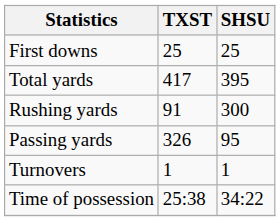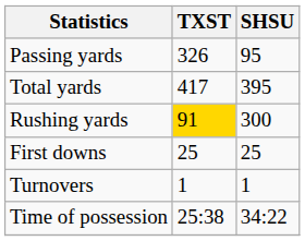 <table class="wikitable" style="float: left;">
 <tr>
 <th>Statistics</th>
 <th>TXST</th>
 <th>SHSU</th>
 </tr>
 <tr>
-<td>First downs</td>
-<td>25</td>
-<td>25</td>
+<td>Passing yards</td>
+<td>326</td>
+<td>95</td>
 </tr>
 <tr>
 <td>Total yards</td>
 <td>417</td>
 <td>395</td>
 </tr>
 <tr>
 <td>Rushing yards</td>
-<td>91</td>
+<td style="background: gold;">91</td>
 <td>300</td>
 </tr>
 <tr>
-<td>Passing yards</td>
-<td>326</td>
-<td>95</td>
+<td>First downs</td>
+<td>25</td>
+<td>25</td>
 </tr>
 <tr>
 <td>Turnovers</td>
 <td>1</td>
 <td>1</td>
 </tr>
 <tr>
 <td>Time of possession</td>
 <td>25:38</td>
 <td>34:22</td>
 </tr>
 <tr>
 </tr>
 </table>
